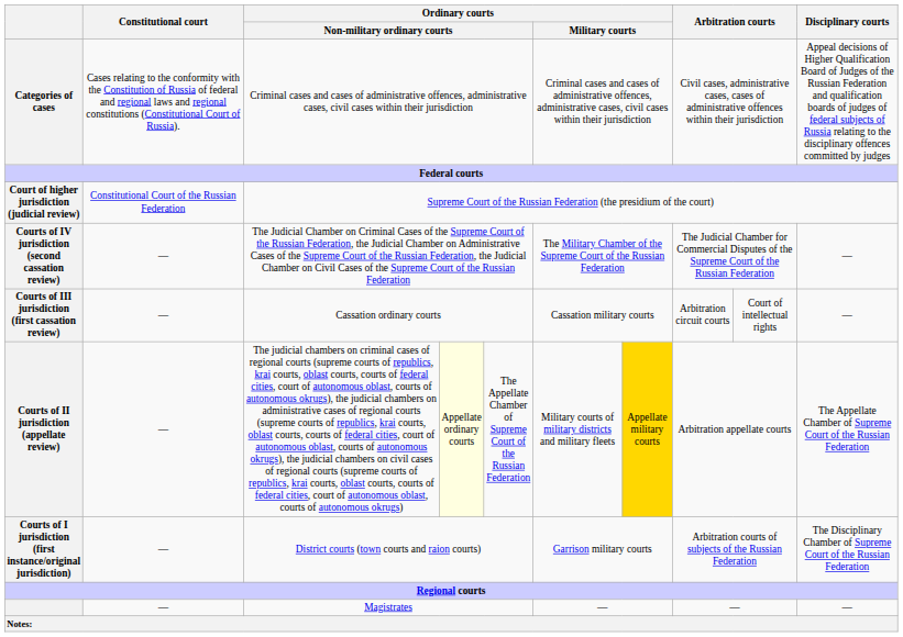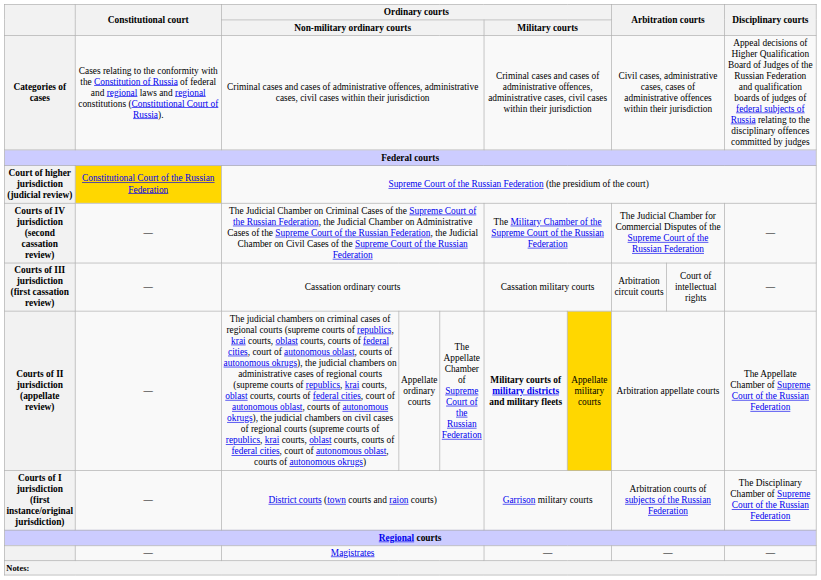 <table class="wikitable" style="font-size:90%">
 <tr align="center">
 <th rowspan="2"></th>
 <th rowspan="2" style="width:22%">Constitutional court</th>
 <th colspan="5" style="width:52%">Ordinary courts</th>
 <th colspan="2" rowspan="2" style="width:15%">Arbitration courts</th>
 <th rowspan="2" style="width:15%">Disciplinary courts</th>
 </tr>
 <tr>
 <th colspan="3" style="width:32%">Non-military ordinary courts</th>
 <th colspan="2" style="width:18%">Military courts</th>
 </tr>
 <tr align="center">
 <th>Categories of cases</th>
 <td>Cases relating to the conformity with the <a href='#'>Constitution of Russia</a> of federal and <a href='#'>regional</a> laws and <a href='#'>regional</a> constitutions (<a href='#'>Constitutional Court of Russia</a>).</td>
 <td colspan="3">Criminal cases and cases of administrative offences, administrative cases, civil cases within their jurisdiction</td>
 <td colspan="2">Criminal cases and cases of administrative offences, administrative cases, civil cases within their jurisdiction</td>
 <td colspan="2">Civil cases, administrative cases, cases of administrative offences within their jurisdiction</td>
 <td>Appeal decisions of Higher Qualification Board of Judges of the Russian Federation and qualification boards of judges of <a href='#'>federal subjects of Russia</a> relating to the disciplinary offences committed by judges</td>
 </tr>
 <tr align="center">
 <td colspan="10" bgcolor=#CCCCFF><strong>Federal courts</strong></td>
 </tr>
 <tr align="center">
 <th>Court of higher jurisdiction (judicial review)</th>
-<td><a href='#'>Constitutional Court of the Russian Federation</a></td>
+<td style="background: gold;"><a href='#'>Constitutional Court of the Russian Federation</a></td>
 <td colspan="8"><a href='#'>Supreme Court of the Russian Federation</a> (the presidium of the court)</td>
 </tr>
 <tr align="center">
 <th>Courts of IV jurisdiction<br>(second cassation review)</th>
 <td>—</td>
 <td colspan="3">The Judicial Chamber on Criminal Cases of the <a href='#'>Supreme Court of the Russian Federation</a>, the Judicial Chamber on Administrative Cases of the <a href='#'>Supreme Court of the Russian Federation</a>, the Judicial Chamber on Civil Cases of the <a href='#'>Supreme Court of the Russian Federation</a></td>
 <td colspan="2">The <a href='#'>Military Chamber of the Supreme Court of the Russian Federation</a></td>
 <td colspan="2">The Judicial Chamber for Commercial Disputes of the <a href='#'>Supreme Court of the Russian Federation</a></td>
 <td>—</td>
 </tr>
 <tr align="center">
 <th>Courts of III jurisdiction<br>(first cassation review)</th>
 <td>—</td>
 <td colspan="3">Cassation ordinary courts</td>
 <td colspan="2">Cassation military courts</td>
 <td>Arbitration circuit courts</td>
 <td>Court of intellectual rights</td>
 <td>—</td>
 </tr>
 <tr align="center">
 <th>Courts of II jurisdiction<br>(appellate review)</th>
 <td>—</td>
 <td>The judicial chambers on criminal cases of regional courts (supreme courts of <a href='#'>republics</a>, <a href='#'>krai</a> courts, <a href='#'>oblast</a> courts, courts of <a href='#'>federal cities</a>, court of <a href='#'>autonomous oblast</a>, courts of <a href='#'>autonomous okrugs</a>), the judicial chambers on administrative cases of regional courts (supreme courts of <a href='#'>republics</a>, <a href='#'>krai</a> courts, <a href='#'>oblast</a> courts, courts of <a href='#'>federal cities</a>, court of <a href='#'>autonomous oblast</a>, courts of <a href='#'>autonomous okrugs</a>), the judicial chambers on civil cases of regional courts (supreme courts of <a href='#'>republics</a>, <a href='#'>krai</a> courts, <a href='#'>oblast</a> courts, courts of <a href='#'>federal cities</a>, court of <a href='#'>autonomous oblast</a>, courts of <a href='#'>autonomous okrugs</a>)</td>
-<td style="background: lightyellow;">Appellate ordinary courts</td>
+<td>Appellate ordinary courts</td>
 <td>The Appellate Chamber of <a href='#'>Supreme Court of the Russian Federation</a></td>
-<td>Military courts of <a href='#'>military districts</a> and military fleets</td>
+<td><strong>Military courts of <a href='#'>military districts</a> and military fleets</strong></td>
 <td style="background: gold;">Appellate military courts</td>
 <td colspan="2">Arbitration appellate courts</td>
 <td>The Appellate Chamber of <a href='#'>Supreme Court of the Russian Federation</a></td>
 </tr>
 <tr align="center">
 <th>Courts of I jurisdiction<br>(first instance/original jurisdiction)</th>
 <td>—</td>
 <td colspan="3"><a href='#'>District courts</a> (<a href='#'>town</a> courts and <a href='#'>raion</a> courts)</td>
 <td colspan="2"><a href='#'>Garrison</a> military courts</td>
 <td colspan="2">Arbitration courts of <a href='#'>subjects of the Russian Federation</a></td>
 <td>The Disciplinary Chamber of <a href='#'>Supreme Court of the Russian Federation</a></td>
 </tr>
 <tr align="center">
 <td colspan="10" bgcolor=#CCCCFF><strong><a href='#'>Regional</a> courts</strong></td>
 </tr>
 <tr align="center">
 <th></th>
 <td>—</td>
 <td colspan="3"><a href='#'>Magistrates</a></td>
 <td colspan="2">—</td>
 <td colspan="2">—</td>
 <td>—</td>
 </tr>
 <tr class="sortbottom">
 <td colspan="10" style="font-size:90%; background: #F2F2F2"><strong>Notes:</strong><br></td>
 </tr>
 </table>
